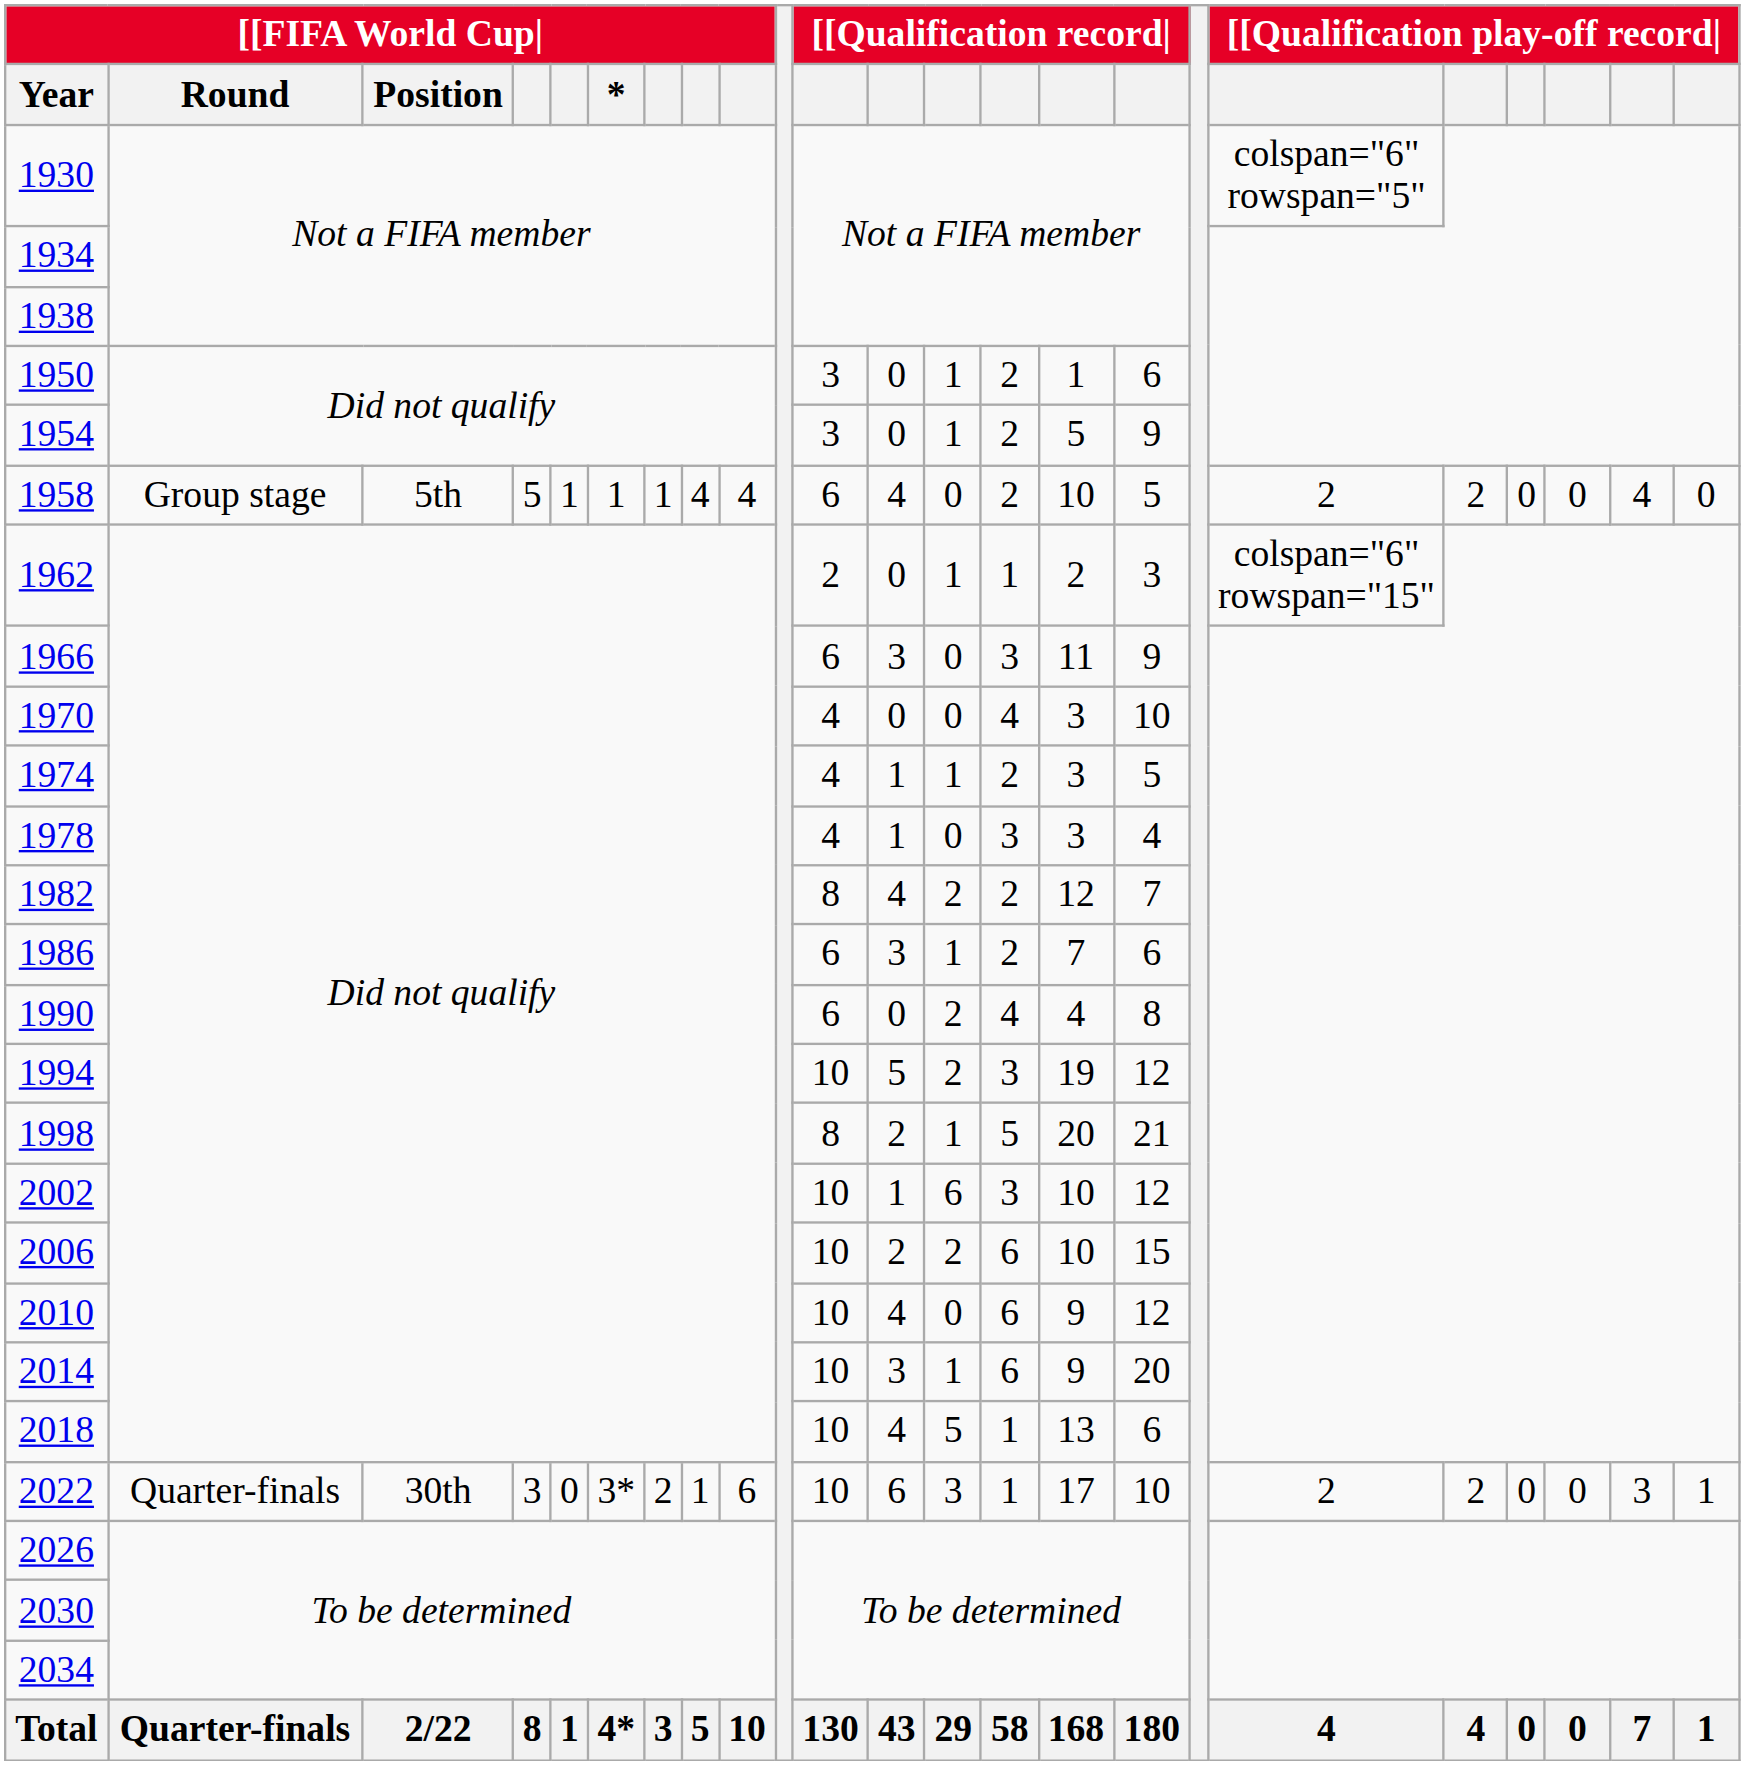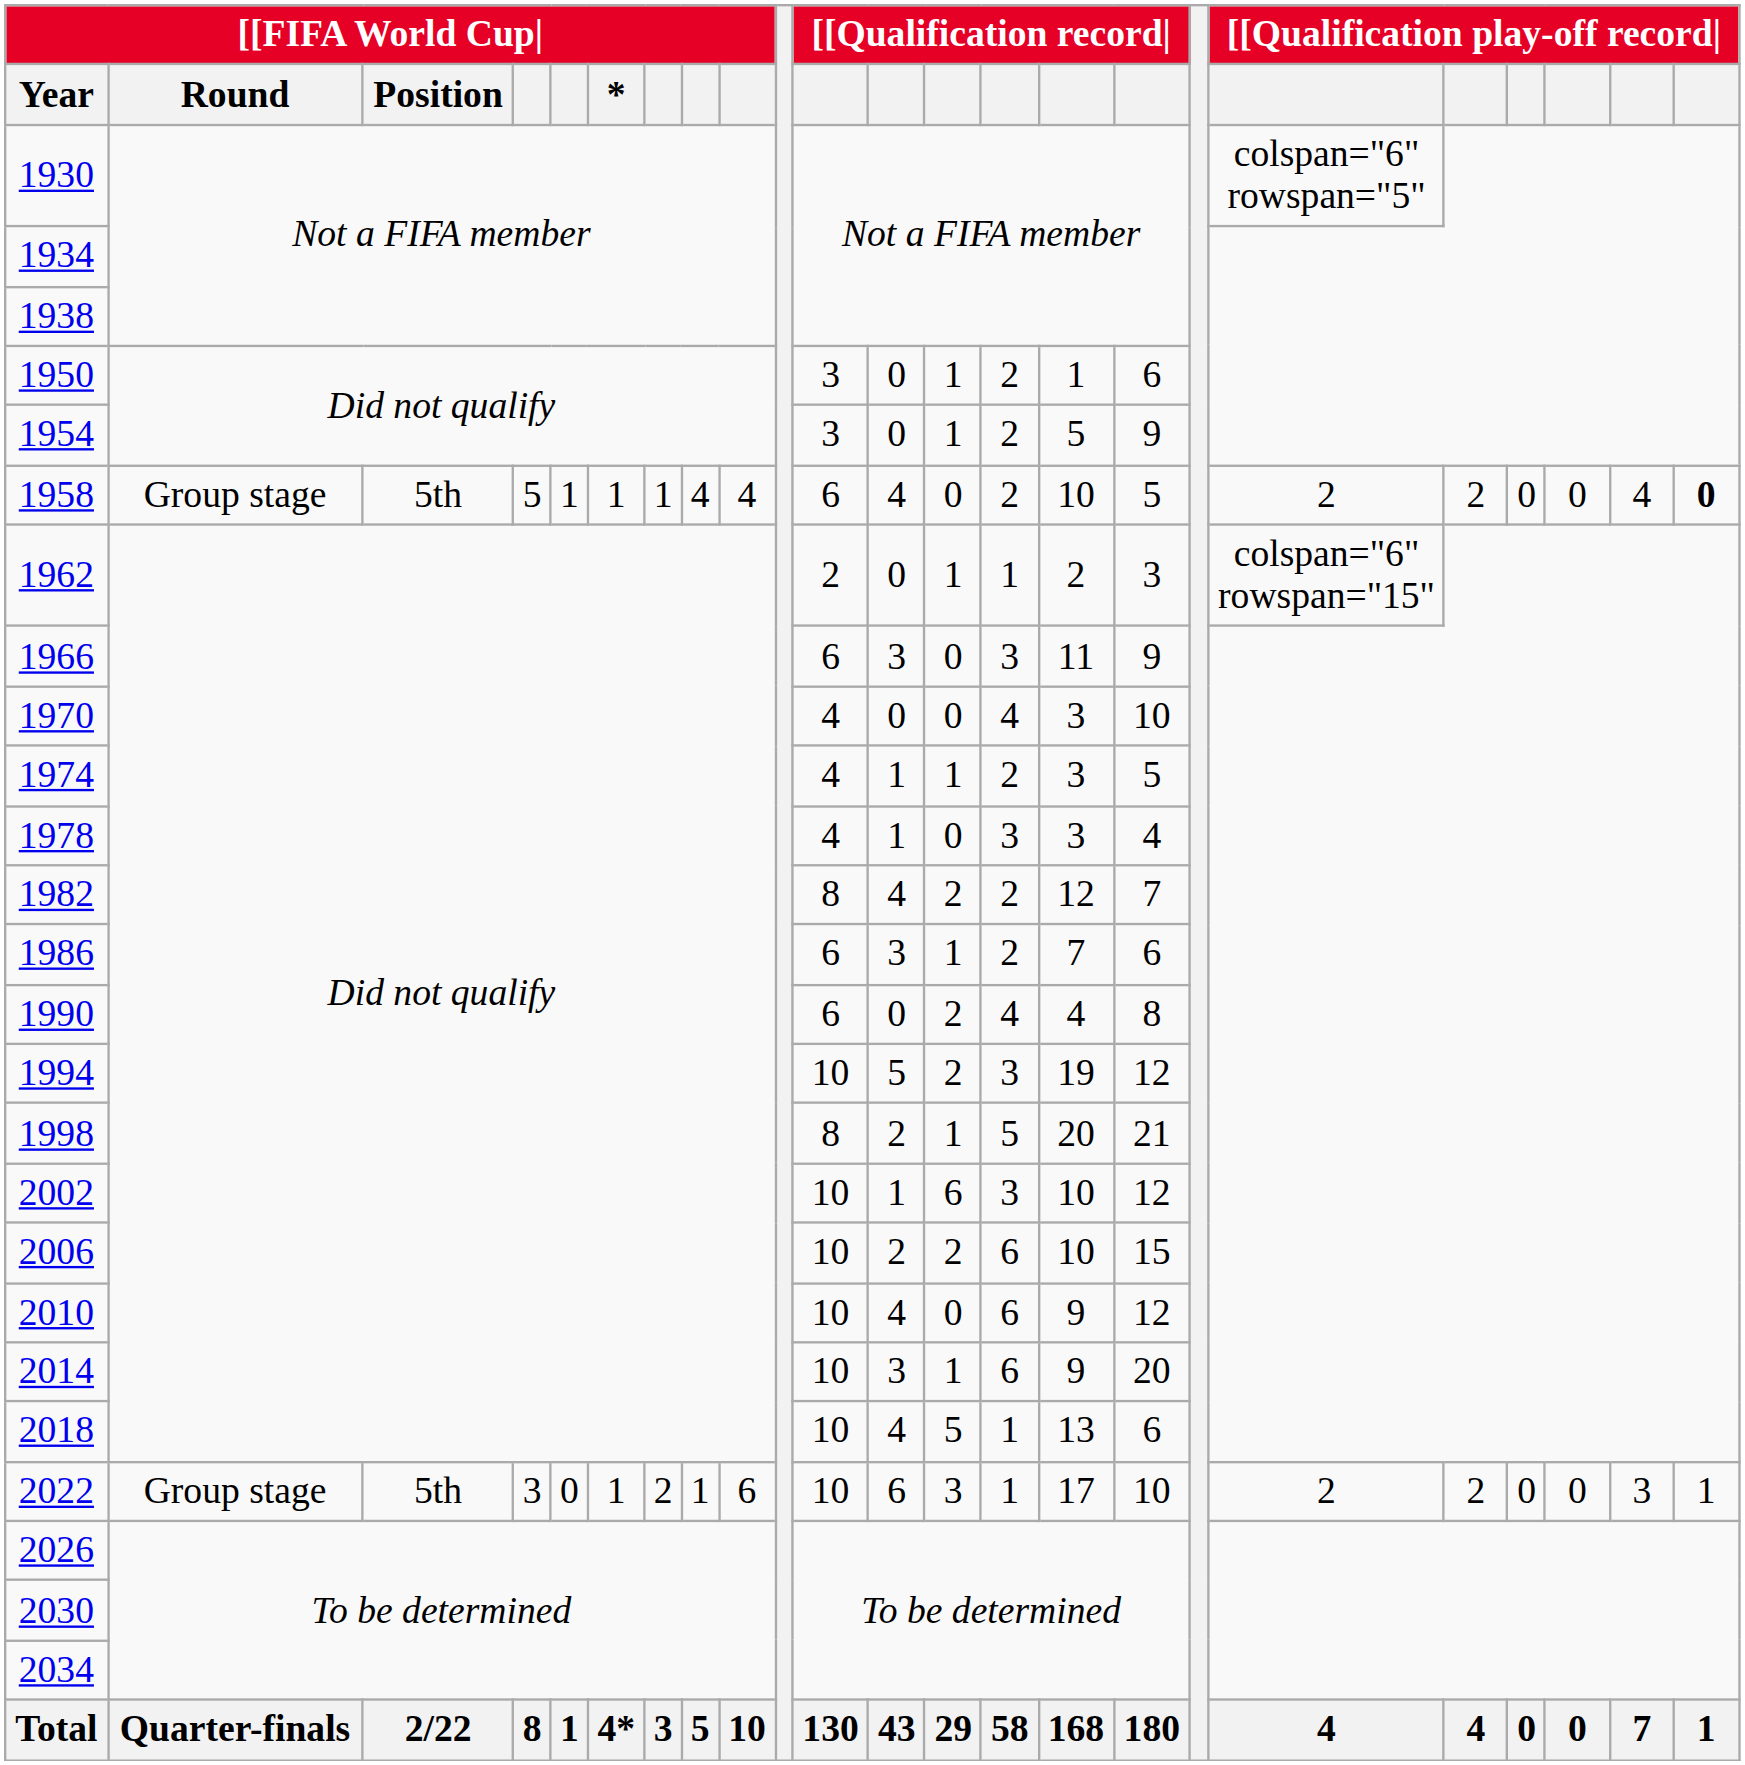 <table class="wikitable" style="text-align: center;">
 <tr>
 <th colspan="9" style="background:#E60026;color:#FFFFFF;">[[FIFA World Cup|</th>
 <th width=1% rowspan="39"></th>
 <th colspan="6" style="background:#E60026;color:#FFFFFF;">[[Qualification record|</th>
 <th rowspan="39" width="1"></th>
 <th colspan="6" style="background:#E60026;color:#FFFFFF;">[[Qualification play-off record|</th>
 </tr>
 <tr>
 <th>Year</th>
 <th>Round</th>
 <th>Position</th>
 <th></th>
 <th></th>
 <th>*</th>
 <th></th>
 <th></th>
 <th></th>
 <th></th>
 <th></th>
 <th></th>
 <th></th>
 <th></th>
 <th></th>
 <th width="20"></th>
 <th width="20"></th>
 <th width=""20></th>
 <th width="20"></th>
 <th width="20"></th>
 <th width="20"></th>
 </tr>
 <tr>
 <td> <a href='#'>1930</a></td>
 <td colspan="8" rowspan="3"><em>Not a FIFA member</em></td>
 <td colspan="6" rowspan="3"><em>Not a FIFA member</em></td>
 <td>colspan="6" rowspan="5" </td>
 </tr>
 <tr>
 <td> <a href='#'>1934</a></td>
 </tr>
 <tr>
 <td> <a href='#'>1938</a></td>
 </tr>
 <tr>
 <td> <a href='#'>1950</a></td>
 <td colspan="8" rowspan="2"><em>Did not qualify</em></td>
 <td>3</td>
 <td>0</td>
 <td>1</td>
 <td>2</td>
 <td>1</td>
 <td>6</td>
 </tr>
 <tr>
 <td> <a href='#'>1954</a></td>
 <td>3</td>
 <td>0</td>
 <td>1</td>
 <td>2</td>
 <td>5</td>
 <td>9</td>
 </tr>
 <tr>
 <td> <a href='#'>1958</a></td>
 <td>Group stage</td>
 <td>5th</td>
 <td>5</td>
 <td>1</td>
 <td>1</td>
 <td>1</td>
 <td>4</td>
 <td>4</td>
 <td>6</td>
 <td>4</td>
 <td>0</td>
 <td>2</td>
 <td>10</td>
 <td>5</td>
 <td>2</td>
 <td>2</td>
 <td>0</td>
 <td>0</td>
 <td>4</td>
-<td>0</td>
+<td><strong>0</strong></td>
 </tr>
 <tr>
 <td> <a href='#'>1962</a></td>
 <td colspan="8" rowspan="15"><em>Did not qualify</em></td>
 <td>2</td>
 <td>0</td>
 <td>1</td>
 <td>1</td>
 <td>2</td>
 <td>3</td>
 <td>colspan="6" rowspan="15" </td>
 </tr>
 <tr>
 <td> <a href='#'>1966</a></td>
 <td>6</td>
 <td>3</td>
 <td>0</td>
 <td>3</td>
 <td>11</td>
 <td>9</td>
 </tr>
 <tr>
 <td> <a href='#'>1970</a></td>
 <td>4</td>
 <td>0</td>
 <td>0</td>
 <td>4</td>
 <td>3</td>
 <td>10</td>
 </tr>
 <tr>
 <td> <a href='#'>1974</a></td>
 <td>4</td>
 <td>1</td>
 <td>1</td>
 <td>2</td>
 <td>3</td>
 <td>5</td>
 </tr>
 <tr>
 <td> <a href='#'>1978</a></td>
 <td>4</td>
 <td>1</td>
 <td>0</td>
 <td>3</td>
 <td>3</td>
 <td>4</td>
 </tr>
 <tr>
 <td> <a href='#'>1982</a></td>
 <td>8</td>
 <td>4</td>
 <td>2</td>
 <td>2</td>
 <td>12</td>
 <td>7</td>
 </tr>
 <tr>
 <td> <a href='#'>1986</a></td>
 <td>6</td>
 <td>3</td>
 <td>1</td>
 <td>2</td>
 <td>7</td>
 <td>6</td>
 </tr>
 <tr>
 <td> <a href='#'>1990</a></td>
 <td>6</td>
 <td>0</td>
 <td>2</td>
 <td>4</td>
 <td>4</td>
 <td>8</td>
 </tr>
 <tr>
 <td> <a href='#'>1994</a></td>
 <td>10</td>
 <td>5</td>
 <td>2</td>
 <td>3</td>
 <td>19</td>
 <td>12</td>
 </tr>
 <tr>
 <td> <a href='#'>1998</a></td>
 <td>8</td>
 <td>2</td>
 <td>1</td>
 <td>5</td>
 <td>20</td>
 <td>21</td>
 </tr>
 <tr>
 <td>  <a href='#'>2002</a></td>
 <td>10</td>
 <td>1</td>
 <td>6</td>
 <td>3</td>
 <td>10</td>
 <td>12</td>
 </tr>
 <tr>
 <td> <a href='#'>2006</a></td>
 <td>10</td>
 <td>2</td>
 <td>2</td>
 <td>6</td>
 <td>10</td>
 <td>15</td>
 </tr>
 <tr>
 <td> <a href='#'>2010</a></td>
 <td>10</td>
 <td>4</td>
 <td>0</td>
 <td>6</td>
 <td>9</td>
 <td>12</td>
 </tr>
 <tr>
 <td> <a href='#'>2014</a></td>
 <td>10</td>
 <td>3</td>
 <td>1</td>
 <td>6</td>
 <td>9</td>
 <td>20</td>
 </tr>
 <tr>
 <td> <a href='#'>2018</a></td>
 <td>10</td>
 <td>4</td>
 <td>5</td>
 <td>1</td>
 <td>13</td>
 <td>6</td>
 </tr>
 <tr>
 <td> <a href='#'>2022</a></td>
-<td>Quarter-finals</td>
-<td>30th</td>
+<td>Group stage</td>
+<td>5th</td>
 <td>3</td>
 <td>0</td>
-<td>3*</td>
+<td>1</td>
 <td>2</td>
 <td>1</td>
 <td>6</td>
 <td>10</td>
 <td>6</td>
 <td>3</td>
 <td>1</td>
 <td>17</td>
 <td>10</td>
 <td>2</td>
 <td>2</td>
 <td>0</td>
 <td>0</td>
 <td>3</td>
 <td>1</td>
 </tr>
 <tr>
 <td>   <a href='#'>2026</a></td>
 <td colspan="8" rowspan="3"><em>To be determined</em></td>
 <td colspan="6" rowspan="3"><em>To be determined</em></td>
 </tr>
 <tr>
 <td>   <a href='#'>2030</a></td>
 </tr>
 <tr>
 <td> <a href='#'>2034</a></td>
 </tr>
 <tr>
 <th>Total</th>
 <th>Quarter-finals</th>
 <th>2/22</th>
 <th>8</th>
 <th>1</th>
 <th>4*</th>
 <th>3</th>
 <th>5</th>
 <th>10</th>
 <th>130</th>
 <th>43</th>
 <th>29</th>
 <th>58</th>
 <th>168</th>
 <th>180</th>
 <th>4</th>
 <th>4</th>
 <th>0</th>
 <th>0</th>
 <th>7</th>
 <th>1</th>
 </tr>
 </table>
